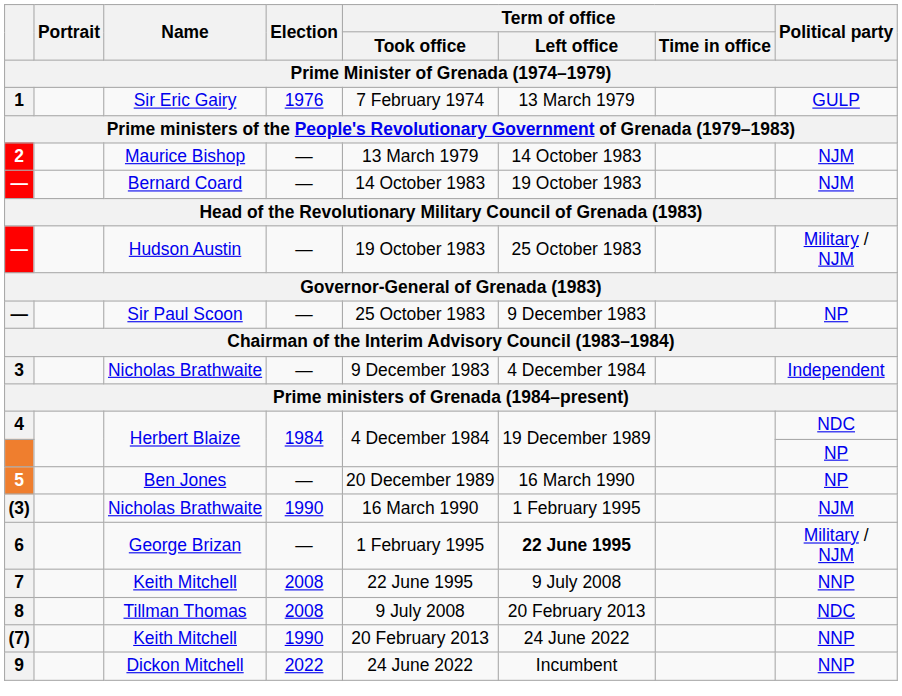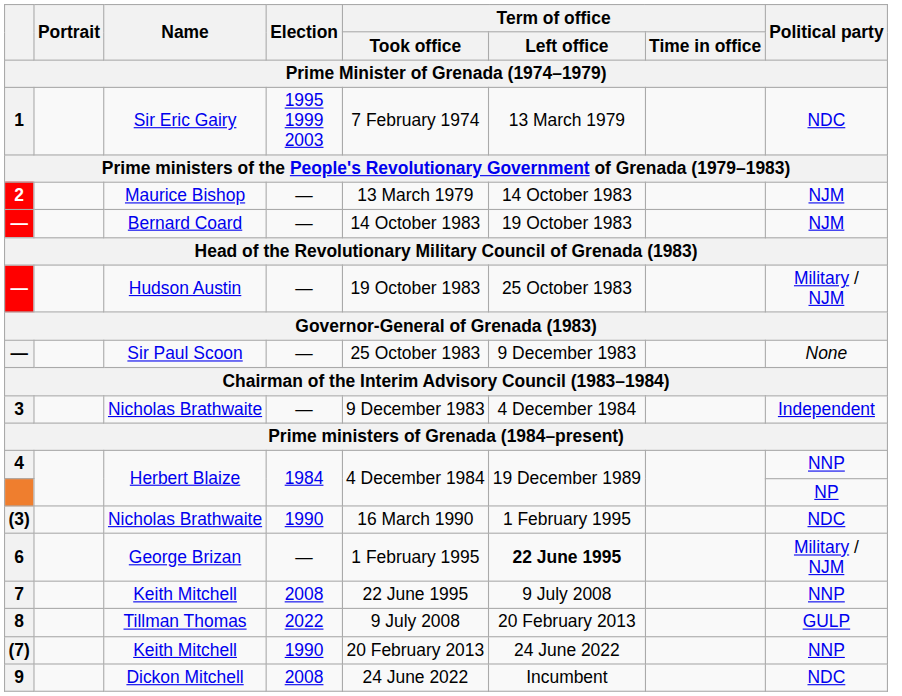 <table class="wikitable" style="text-align:center">
 <tr>
 <th rowspan="2"></th>
 <th rowspan="2">Portrait</th>
 <th rowspan="2">Name<br></th>
 <th rowspan="2">Election</th>
 <th colspan="3">Term of office</th>
 <th rowspan="2">Political party</th>
 </tr>
 <tr>
 <th>Took office</th>
 <th>Left office</th>
 <th>Time in office</th>
 </tr>
 <tr>
 <th colspan="8">Prime Minister of Grenada (1974–1979)</th>
 </tr>
 <tr>
 <th style="background:">1</th>
 <td></td>
 <td><a href='#'>Sir Eric Gairy</a><br></td>
-<td><a href='#'>1976</a></td>
+<td><a href='#'>1995</a><br><a href='#'>1999</a><br><a href='#'>2003</a></td>
 <td>7 February 1974</td>
 <td>13 March 1979<br></td>
 <td></td>
-<td><a href='#'>GULP</a></td>
+<td><a href='#'>NDC</a></td>
 </tr>
 <tr>
 <th colspan="8">Prime ministers of the <a href='#'>People's Revolutionary Government</a> of Grenada (1979–1983)</th>
 </tr>
 <tr>
 <th style="background:#FF0000; color:white">2</th>
 <td></td>
 <td><a href='#'>Maurice Bishop</a><br></td>
 <td>—</td>
 <td>13 March 1979</td>
 <td>14 October 1983<br></td>
 <td></td>
 <td><a href='#'>NJM</a></td>
 </tr>
 <tr>
 <th style="background:#FF0000; color:white">—</th>
 <td></td>
 <td><a href='#'>Bernard Coard</a><br></td>
 <td>—</td>
 <td>14 October 1983</td>
 <td>19 October 1983<br></td>
 <td></td>
 <td><a href='#'>NJM</a></td>
 </tr>
 <tr>
 <th colspan="8">Head of the Revolutionary Military Council of Grenada (1983)</th>
 </tr>
 <tr>
 <th style="background:#FF0000; color:white">—</th>
 <td></td>
 <td><a href='#'> Hudson Austin</a><br></td>
 <td>—</td>
 <td>19 October 1983</td>
 <td>25 October 1983<br></td>
 <td></td>
 <td><a href='#'>Military</a> / <br><a href='#'>NJM</a></td>
 </tr>
 <tr>
 <th colspan="8">Governor-General of Grenada (1983)</th>
 </tr>
 <tr>
 <th style="background:">—</th>
 <td></td>
 <td><a href='#'>Sir Paul Scoon</a><br></td>
 <td>—</td>
 <td>25 October 1983</td>
 <td>9 December 1983</td>
 <td></td>
-<td><a href='#'>NP</a></td>
+<td><em>None</em></td>
 </tr>
 <tr>
 <th colspan="8">Chairman of the Interim Advisory Council (1983–1984)</th>
 </tr>
 <tr>
 <th style="background:">3</th>
 <td></td>
 <td><a href='#'>Nicholas Brathwaite</a><br></td>
 <td>—</td>
 <td>9 December 1983</td>
 <td>4 December 1984</td>
 <td></td>
 <td><a href='#'>Independent</a></td>
 </tr>
 <tr>
 <th colspan="8">Prime ministers of Grenada (1984–present)</th>
 </tr>
 <tr>
 <th style="background:">4</th>
 <td rowspan=2></td>
 <td rowspan=2><a href='#'>Herbert Blaize</a><br></td>
 <td rowspan=2><a href='#'>1984</a></td>
 <td rowspan=2>4 December 1984</td>
 <td rowspan=2>19 December 1989</td>
 <td rowspan=2></td>
-<td><a href='#'>NDC</a></td>
+<td><a href='#'>NNP</a></td>
 </tr>
 <tr>
 <th style="background:#EF7E2E; color:white"></th>
-<td><a href='#'>NP</a></td>
-</tr>
-<tr>
-<th style="background:#EF7E2E; color:white">5</th>
-<td></td>
-<td><a href='#'>Ben Jones</a><br></td>
-<td>—</td>
-<td>20 December 1989</td>
-<td>16 March 1990</td>
-<td></td>
 <td><a href='#'>NP</a></td>
 </tr>
 <tr>
 <th style="background:">(3)</th>
 <td></td>
 <td><a href='#'>Nicholas Brathwaite</a><br></td>
 <td><a href='#'>1990</a></td>
 <td>16 March 1990</td>
 <td>1 February 1995</td>
 <td></td>
-<td><a href='#'>NJM</a></td>
+<td><a href='#'>NDC</a></td>
 </tr>
 <tr>
 <th style="background:">6</th>
 <td></td>
 <td><a href='#'>George Brizan</a><br></td>
 <td>—</td>
 <td>1 February 1995</td>
 <td><strong>22 June 1995</strong></td>
 <td></td>
 <td><a href='#'>Military</a> / <br><a href='#'>NJM</a></td>
 </tr>
 <tr>
 <th style="background:">7</th>
 <td></td>
 <td><a href='#'>Keith Mitchell</a><br></td>
 <td><a href='#'>2008</a></td>
 <td>22 June 1995</td>
 <td>9 July 2008</td>
 <td></td>
 <td><a href='#'>NNP</a></td>
 </tr>
 <tr>
 <th style="background:">8</th>
 <td></td>
 <td><a href='#'>Tillman Thomas</a><br></td>
-<td><a href='#'>2008</a></td>
+<td><a href='#'>2022</a></td>
 <td>9 July 2008</td>
 <td>20 February 2013</td>
 <td></td>
-<td><a href='#'>NDC</a></td>
+<td><a href='#'>GULP</a></td>
 </tr>
 <tr>
 <th style="background:">(7)</th>
 <td></td>
 <td><a href='#'>Keith Mitchell</a><br></td>
 <td><a href='#'>1990</a></td>
 <td>20 February 2013</td>
 <td>24 June 2022</td>
 <td></td>
 <td><a href='#'>NNP</a></td>
 </tr>
 <tr>
 <th style="background:">9</th>
 <td></td>
 <td><a href='#'>Dickon Mitchell</a><br></td>
-<td><a href='#'>2022</a></td>
+<td><a href='#'>2008</a></td>
 <td>24 June 2022</td>
 <td>Incumbent</td>
 <td></td>
-<td><a href='#'>NNP</a></td>
+<td><a href='#'>NDC</a></td>
 </tr>
 </table>
